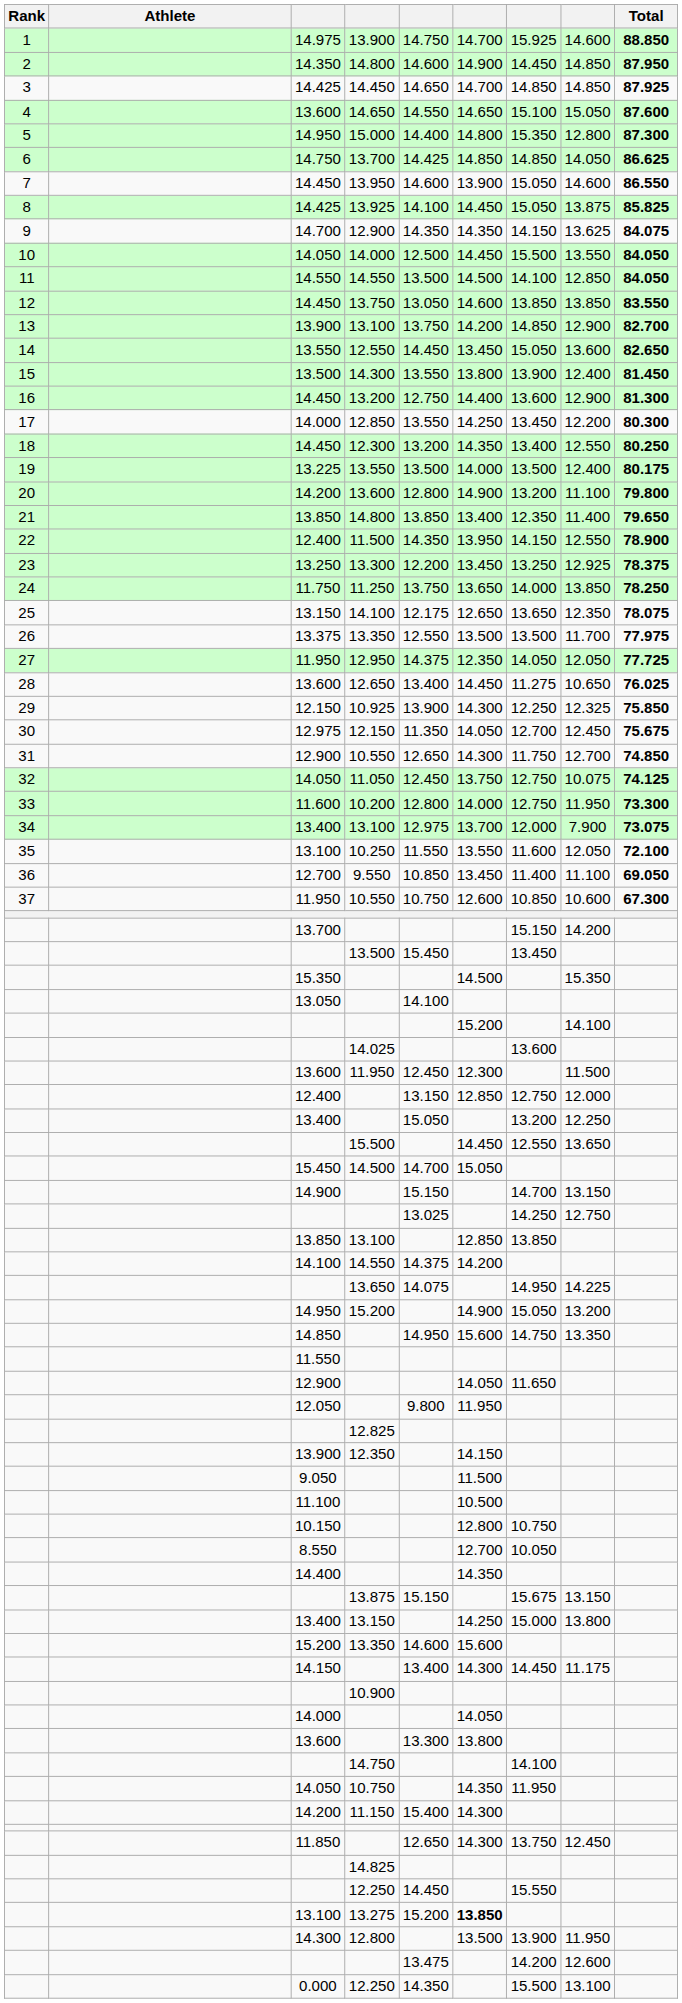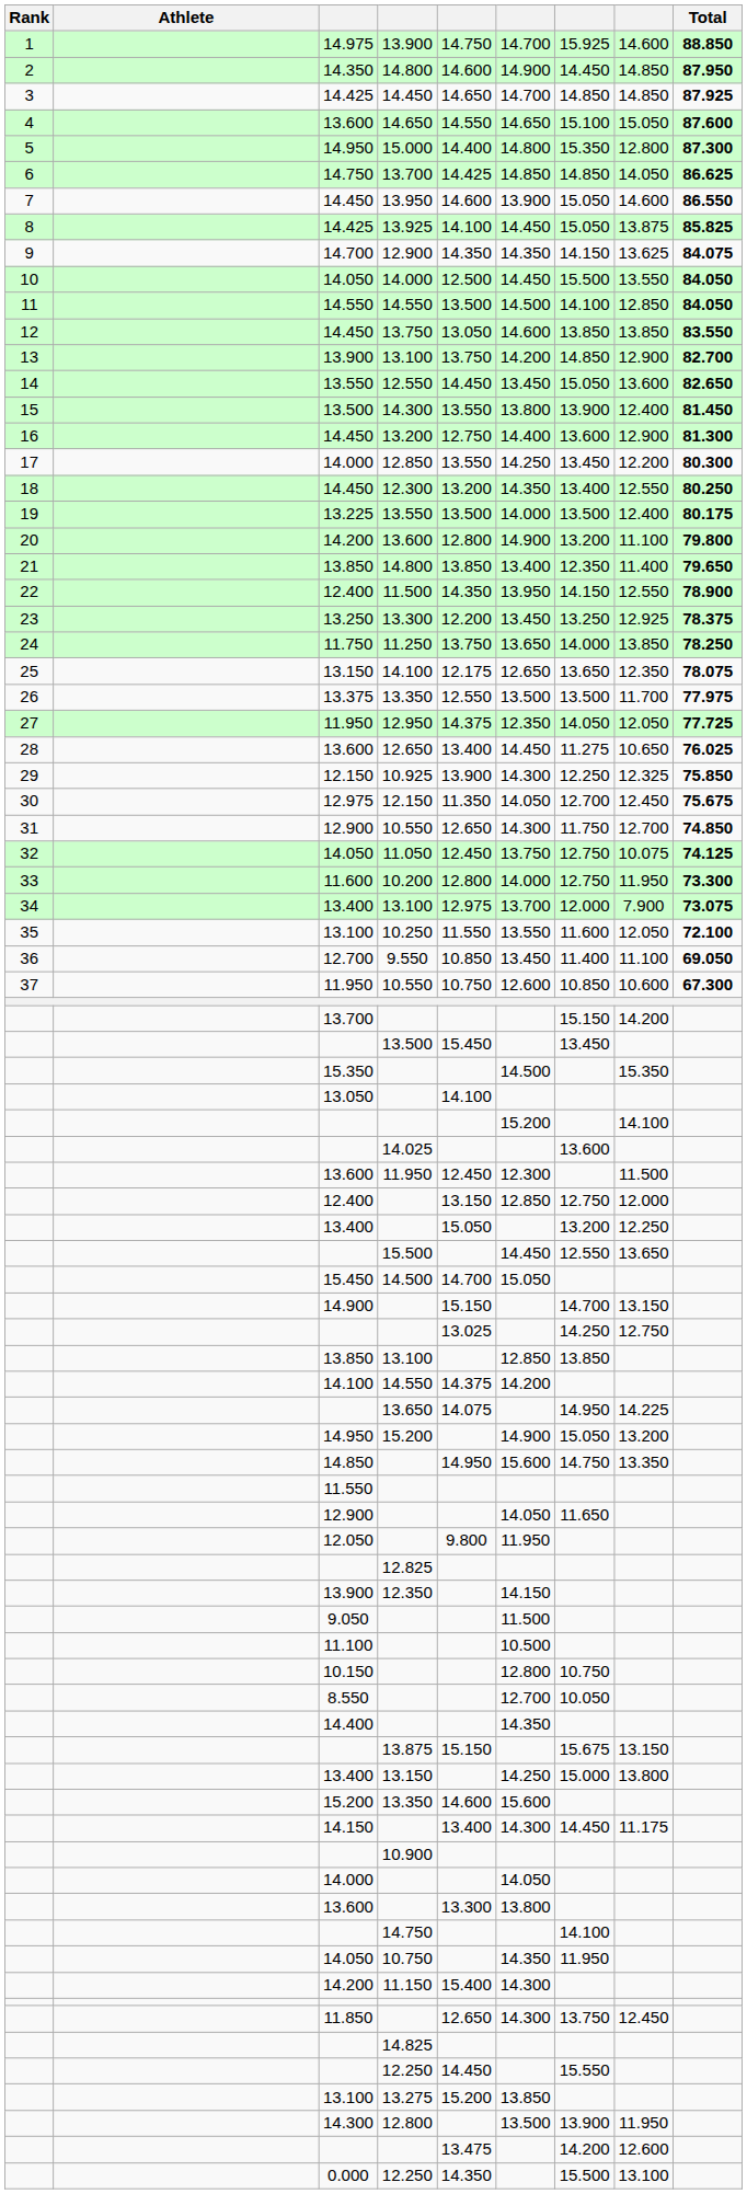 <table class=wikitable style="text-align:center">
 <tr>
 <th width=40>Rank</th>
 <th width=250>Athlete</th>
 <th width=50></th>
 <th width=50></th>
 <th width=50></th>
 <th width=50></th>
 <th width=50></th>
 <th width=50></th>
 <th width=60>Total</th>
 </tr>
 <tr bgcolor="ccffcc">
 <td>1</td>
 <td align=left></td>
 <td>14.975</td>
 <td>13.900</td>
 <td>14.750</td>
 <td>14.700</td>
 <td>15.925</td>
 <td>14.600</td>
 <td><strong>88.850</strong></td>
 </tr>
 <tr bgcolor="ccffcc">
 <td>2</td>
 <td align=left></td>
 <td>14.350</td>
 <td>14.800</td>
 <td>14.600</td>
 <td>14.900</td>
 <td>14.450</td>
 <td>14.850</td>
 <td><strong>87.950</strong></td>
 </tr>
 <tr>
 <td>3</td>
 <td align=left></td>
 <td>14.425</td>
 <td>14.450</td>
 <td>14.650</td>
 <td>14.700</td>
 <td>14.850</td>
 <td>14.850</td>
 <td><strong>87.925</strong></td>
 </tr>
 <tr bgcolor="ccffcc">
 <td>4</td>
 <td align=left></td>
 <td>13.600</td>
 <td>14.650</td>
 <td>14.550</td>
 <td>14.650</td>
 <td>15.100</td>
 <td>15.050</td>
 <td><strong>87.600</strong></td>
 </tr>
 <tr bgcolor="ccffcc">
 <td>5</td>
 <td align=left></td>
 <td>14.950</td>
 <td>15.000</td>
 <td>14.400</td>
 <td>14.800</td>
 <td>15.350</td>
 <td>12.800</td>
 <td><strong>87.300</strong></td>
 </tr>
 <tr bgcolor="ccffcc">
 <td>6 </td>
 <td align=left></td>
 <td>14.750</td>
 <td>13.700</td>
 <td>14.425</td>
 <td>14.850</td>
 <td>14.850</td>
 <td>14.050</td>
 <td><strong>86.625</strong></td>
 </tr>
 <tr>
 <td>7 </td>
 <td align=left></td>
 <td>14.450</td>
 <td>13.950</td>
 <td>14.600</td>
 <td>13.900</td>
 <td>15.050</td>
 <td>14.600</td>
 <td><strong>86.550</strong></td>
 </tr>
 <tr bgcolor="ccffcc">
 <td>8</td>
 <td align=left></td>
 <td>14.425</td>
 <td>13.925</td>
 <td>14.100</td>
 <td>14.450</td>
 <td>15.050</td>
 <td>13.875</td>
 <td><strong>85.825</strong></td>
 </tr>
 <tr>
 <td>9</td>
 <td align=left></td>
 <td>14.700</td>
 <td>12.900</td>
 <td>14.350</td>
 <td>14.350</td>
 <td>14.150</td>
 <td>13.625</td>
 <td><strong>84.075</strong></td>
 </tr>
 <tr bgcolor="ccffcc">
 <td>10 </td>
 <td align=left></td>
 <td>14.050</td>
 <td>14.000</td>
 <td>12.500</td>
 <td>14.450</td>
 <td>15.500</td>
 <td>13.550</td>
 <td><strong>84.050</strong></td>
 </tr>
 <tr bgcolor="ccffcc">
 <td>11</td>
 <td align=left></td>
 <td>14.550</td>
 <td>14.550</td>
 <td>13.500</td>
 <td>14.500</td>
 <td>14.100</td>
 <td>12.850</td>
 <td><strong>84.050</strong></td>
 </tr>
 <tr bgcolor="ccffcc">
 <td>12</td>
 <td align=left></td>
 <td>14.450</td>
 <td>13.750</td>
 <td>13.050</td>
 <td>14.600</td>
 <td>13.850</td>
 <td>13.850</td>
 <td><strong>83.550</strong></td>
 </tr>
 <tr bgcolor="ccffcc">
 <td>13</td>
 <td align=left></td>
 <td>13.900</td>
 <td>13.100</td>
 <td>13.750</td>
 <td>14.200</td>
 <td>14.850</td>
 <td>12.900</td>
 <td><strong>82.700</strong></td>
 </tr>
 <tr bgcolor="ccffcc">
 <td>14</td>
 <td align=left></td>
 <td>13.550</td>
 <td>12.550</td>
 <td>14.450</td>
 <td>13.450</td>
 <td>15.050</td>
 <td>13.600</td>
 <td><strong>82.650</strong></td>
 </tr>
 <tr bgcolor="ccffcc">
 <td>15</td>
 <td align=left></td>
 <td>13.500</td>
 <td>14.300</td>
 <td>13.550</td>
 <td>13.800</td>
 <td>13.900</td>
 <td>12.400</td>
 <td><strong>81.450</strong></td>
 </tr>
 <tr bgcolor="ccffcc">
 <td>16</td>
 <td align=left></td>
 <td>14.450</td>
 <td>13.200</td>
 <td>12.750</td>
 <td>14.400</td>
 <td>13.600</td>
 <td>12.900</td>
 <td><strong>81.300</strong></td>
 </tr>
 <tr>
 <td>17</td>
 <td align=left></td>
 <td>14.000</td>
 <td>12.850</td>
 <td>13.550</td>
 <td>14.250</td>
 <td>13.450</td>
 <td>12.200</td>
 <td><strong>80.300</strong></td>
 </tr>
 <tr bgcolor="ccffcc">
 <td>18</td>
 <td align=left></td>
 <td>14.450</td>
 <td>12.300</td>
 <td>13.200</td>
 <td>14.350</td>
 <td>13.400</td>
 <td>12.550</td>
 <td><strong>80.250</strong></td>
 </tr>
 <tr bgcolor="ccffcc">
 <td>19</td>
 <td align=left></td>
 <td>13.225</td>
 <td>13.550</td>
 <td>13.500</td>
 <td>14.000</td>
 <td>13.500</td>
 <td>12.400</td>
 <td><strong>80.175</strong></td>
 </tr>
 <tr bgcolor="ccffcc">
 <td>20</td>
 <td align=left></td>
 <td>14.200</td>
 <td>13.600</td>
 <td>12.800</td>
 <td>14.900</td>
 <td>13.200</td>
 <td>11.100</td>
 <td><strong>79.800</strong></td>
 </tr>
 <tr bgcolor="ccffcc">
 <td>21</td>
 <td align=left></td>
 <td>13.850</td>
 <td>14.800</td>
 <td>13.850</td>
 <td>13.400</td>
 <td>12.350</td>
 <td>11.400</td>
 <td><strong>79.650</strong></td>
 </tr>
 <tr bgcolor="ccffcc">
 <td>22 </td>
 <td align=left></td>
 <td>12.400</td>
 <td>11.500</td>
 <td>14.350</td>
 <td>13.950</td>
 <td>14.150</td>
 <td>12.550</td>
 <td><strong>78.900</strong></td>
 </tr>
 <tr bgcolor="ccffcc">
 <td>23</td>
 <td align=left></td>
 <td>13.250</td>
 <td>13.300</td>
 <td>12.200</td>
 <td>13.450</td>
 <td>13.250</td>
 <td>12.925</td>
 <td><strong>78.375</strong></td>
 </tr>
 <tr bgcolor="ccffcc">
 <td>24</td>
 <td align=left></td>
 <td>11.750</td>
 <td>11.250</td>
 <td>13.750</td>
 <td>13.650</td>
 <td>14.000</td>
 <td>13.850</td>
 <td><strong>78.250</strong></td>
 </tr>
 <tr>
 <td>25</td>
 <td align=left></td>
 <td>13.150</td>
 <td>14.100</td>
 <td>12.175</td>
 <td>12.650</td>
 <td>13.650</td>
 <td>12.350</td>
 <td><strong>78.075</strong></td>
 </tr>
 <tr>
 <td>26</td>
 <td align=left></td>
 <td>13.375</td>
 <td>13.350</td>
 <td>12.550</td>
 <td>13.500</td>
 <td>13.500</td>
 <td>11.700</td>
 <td><strong>77.975</strong></td>
 </tr>
 <tr bgcolor="ccffcc">
 <td>27</td>
 <td align=left></td>
 <td>11.950</td>
 <td>12.950</td>
 <td>14.375</td>
 <td>12.350</td>
 <td>14.050</td>
 <td>12.050</td>
 <td><strong>77.725</strong></td>
 </tr>
 <tr>
 <td>28</td>
 <td align=left></td>
 <td>13.600</td>
 <td>12.650</td>
 <td>13.400</td>
 <td>14.450</td>
 <td>11.275</td>
 <td>10.650</td>
 <td><strong>76.025</strong></td>
 </tr>
 <tr>
 <td>29</td>
 <td align=left></td>
 <td>12.150</td>
 <td>10.925</td>
 <td>13.900</td>
 <td>14.300</td>
 <td>12.250</td>
 <td>12.325</td>
 <td><strong>75.850</strong></td>
 </tr>
 <tr>
 <td>30 </td>
 <td align=left></td>
 <td>12.975</td>
 <td>12.150</td>
 <td>11.350</td>
 <td>14.050</td>
 <td>12.700</td>
 <td>12.450</td>
 <td><strong>75.675</strong></td>
 </tr>
 <tr>
 <td>31</td>
 <td align=left></td>
 <td>12.900</td>
 <td>10.550</td>
 <td>12.650</td>
 <td>14.300</td>
 <td>11.750</td>
 <td>12.700</td>
 <td><strong>74.850</strong></td>
 </tr>
 <tr bgcolor="ccffcc">
 <td>32</td>
 <td align=left></td>
 <td>14.050</td>
 <td>11.050</td>
 <td>12.450</td>
 <td>13.750</td>
 <td>12.750</td>
 <td>10.075</td>
 <td><strong>74.125</strong></td>
 </tr>
 <tr bgcolor="ccffcc">
 <td>33</td>
 <td align=left></td>
 <td>11.600</td>
 <td>10.200</td>
 <td>12.800</td>
 <td>14.000</td>
 <td>12.750</td>
 <td>11.950</td>
 <td><strong>73.300</strong></td>
 </tr>
 <tr bgcolor="ccffcc">
 <td>34</td>
 <td align=left></td>
 <td>13.400</td>
 <td>13.100</td>
 <td>12.975</td>
 <td>13.700</td>
 <td>12.000</td>
 <td>7.900</td>
 <td><strong>73.075</strong></td>
 </tr>
 <tr>
 <td>35 </td>
 <td align=left></td>
 <td>13.100</td>
 <td>10.250</td>
 <td>11.550</td>
 <td>13.550</td>
 <td>11.600</td>
 <td>12.050</td>
 <td><strong>72.100</strong></td>
 </tr>
 <tr>
 <td>36</td>
 <td align=left></td>
 <td>12.700</td>
 <td>9.550</td>
 <td>10.850</td>
 <td>13.450</td>
 <td>11.400</td>
 <td>11.100</td>
 <td><strong>69.050</strong></td>
 </tr>
 <tr>
 <td>37</td>
 <td align=left></td>
 <td>11.950</td>
 <td>10.550</td>
 <td>10.750</td>
 <td>12.600</td>
 <td>10.850</td>
 <td>10.600</td>
 <td><strong>67.300</strong></td>
 </tr>
 <tr>
 <th colspan=9></th>
 </tr>
 <tr>
 <td></td>
 <td align=left></td>
 <td>13.700</td>
 <td></td>
 <td></td>
 <td></td>
 <td>15.150</td>
 <td>14.200</td>
 <td></td>
 </tr>
 <tr>
 <td></td>
 <td align=left></td>
 <td></td>
 <td>13.500</td>
 <td>15.450</td>
 <td></td>
 <td>13.450</td>
 <td></td>
 <td></td>
 </tr>
 <tr>
 <td></td>
 <td align=left></td>
 <td>15.350</td>
 <td></td>
 <td></td>
 <td>14.500</td>
 <td></td>
 <td>15.350</td>
 <td></td>
 </tr>
 <tr>
 <td></td>
 <td align=left></td>
 <td>13.050</td>
 <td></td>
 <td>14.100</td>
 <td></td>
 <td></td>
 <td></td>
 <td></td>
 </tr>
 <tr>
 <td></td>
 <td align=left></td>
 <td></td>
 <td></td>
 <td></td>
 <td>15.200</td>
 <td></td>
 <td>14.100</td>
 <td></td>
 </tr>
 <tr>
 <td></td>
 <td align=left></td>
 <td></td>
 <td>14.025</td>
 <td></td>
 <td></td>
 <td>13.600</td>
 <td></td>
 <td></td>
 </tr>
 <tr>
 <td></td>
 <td align=left></td>
 <td>13.600</td>
 <td>11.950</td>
 <td>12.450</td>
 <td>12.300</td>
 <td></td>
 <td>11.500</td>
 <td></td>
 </tr>
 <tr>
 <td></td>
 <td align=left></td>
 <td>12.400</td>
 <td></td>
 <td>13.150</td>
 <td>12.850</td>
 <td>12.750</td>
 <td>12.000</td>
 <td></td>
 </tr>
 <tr>
 <td></td>
 <td align=left></td>
 <td>13.400</td>
 <td></td>
 <td>15.050</td>
 <td></td>
 <td>13.200</td>
 <td>12.250</td>
 <td></td>
 </tr>
 <tr>
 <td></td>
 <td align=left></td>
 <td></td>
 <td>15.500</td>
 <td></td>
 <td>14.450</td>
 <td>12.550</td>
 <td>13.650</td>
 <td></td>
 </tr>
 <tr>
 <td></td>
 <td align=left></td>
 <td>15.450</td>
 <td>14.500</td>
 <td>14.700</td>
 <td>15.050</td>
 <td></td>
 <td></td>
 <td></td>
 </tr>
 <tr>
 <td></td>
 <td align=left></td>
 <td>14.900</td>
 <td></td>
 <td>15.150</td>
 <td></td>
 <td>14.700</td>
 <td>13.150</td>
 <td></td>
 </tr>
 <tr>
 <td></td>
 <td align=left></td>
 <td></td>
 <td></td>
 <td>13.025</td>
 <td></td>
 <td>14.250</td>
 <td>12.750</td>
 <td></td>
 </tr>
 <tr>
 <td></td>
 <td align=left></td>
 <td>13.850</td>
 <td>13.100</td>
 <td></td>
 <td>12.850</td>
 <td>13.850</td>
 <td></td>
 <td></td>
 </tr>
 <tr>
 <td></td>
 <td align=left></td>
 <td>14.100</td>
 <td>14.550</td>
 <td>14.375</td>
 <td>14.200</td>
 <td></td>
 <td></td>
 <td></td>
 </tr>
 <tr>
 <td></td>
 <td align=left></td>
 <td></td>
 <td>13.650</td>
 <td>14.075</td>
 <td></td>
 <td>14.950</td>
 <td>14.225</td>
 <td></td>
 </tr>
 <tr>
 <td></td>
 <td align=left></td>
 <td>14.950</td>
 <td>15.200</td>
 <td></td>
 <td>14.900</td>
 <td>15.050</td>
 <td>13.200</td>
 <td></td>
 </tr>
 <tr>
 <td></td>
 <td align=left></td>
 <td>14.850</td>
 <td></td>
 <td>14.950</td>
 <td>15.600</td>
 <td>14.750</td>
 <td>13.350</td>
 <td></td>
 </tr>
 <tr>
 <td></td>
 <td align=left></td>
 <td>11.550</td>
 <td></td>
 <td></td>
 <td></td>
 <td></td>
 <td></td>
 <td></td>
 </tr>
 <tr>
 <td></td>
 <td align=left></td>
 <td>12.900</td>
 <td></td>
 <td></td>
 <td>14.050</td>
 <td>11.650</td>
 <td></td>
 <td></td>
 </tr>
 <tr>
 <td></td>
 <td align=left></td>
 <td>12.050</td>
 <td></td>
 <td>9.800</td>
 <td>11.950</td>
 <td></td>
 <td></td>
 <td></td>
 </tr>
 <tr>
 <td></td>
 <td align=left></td>
 <td></td>
 <td>12.825</td>
 <td></td>
 <td></td>
 <td></td>
 <td></td>
 <td></td>
 </tr>
 <tr>
 <td></td>
 <td align=left></td>
 <td>13.900</td>
 <td>12.350</td>
 <td></td>
 <td>14.150</td>
 <td></td>
 <td></td>
 <td></td>
 </tr>
 <tr>
 <td></td>
 <td align=left></td>
 <td>9.050</td>
 <td></td>
 <td></td>
 <td>11.500</td>
 <td></td>
 <td></td>
 <td></td>
 </tr>
 <tr>
 <td></td>
 <td align=left></td>
 <td>11.100</td>
 <td></td>
 <td></td>
 <td>10.500</td>
 <td></td>
 <td></td>
 <td></td>
 </tr>
 <tr>
 <td></td>
 <td align=left></td>
 <td>10.150</td>
 <td></td>
 <td></td>
 <td>12.800</td>
 <td>10.750</td>
 <td></td>
 <td></td>
 </tr>
 <tr>
 <td></td>
 <td align=left></td>
 <td>8.550</td>
 <td></td>
 <td></td>
 <td>12.700</td>
 <td>10.050</td>
 <td></td>
 <td></td>
 </tr>
 <tr>
 <td></td>
 <td align=left></td>
 <td>14.400</td>
 <td></td>
 <td></td>
 <td>14.350</td>
 <td></td>
 <td></td>
 <td></td>
 </tr>
 <tr>
 <td></td>
 <td align=left></td>
 <td></td>
 <td>13.875</td>
 <td>15.150</td>
 <td></td>
 <td>15.675</td>
 <td>13.150</td>
 <td></td>
 </tr>
 <tr>
 <td></td>
 <td align=left></td>
 <td>13.400</td>
 <td>13.150</td>
 <td></td>
 <td>14.250</td>
 <td>15.000</td>
 <td>13.800</td>
 <td></td>
 </tr>
 <tr>
 <td></td>
 <td align=left></td>
 <td>15.200</td>
 <td>13.350</td>
 <td>14.600</td>
 <td>15.600</td>
 <td></td>
 <td></td>
 <td></td>
 </tr>
 <tr>
 <td></td>
 <td align=left></td>
 <td>14.150</td>
 <td></td>
 <td>13.400</td>
 <td>14.300</td>
 <td>14.450</td>
 <td>11.175</td>
 <td></td>
 </tr>
 <tr>
 <td></td>
 <td align=left></td>
 <td></td>
 <td>10.900</td>
 <td></td>
 <td></td>
 <td></td>
 <td></td>
 <td></td>
 </tr>
 <tr>
 <td></td>
 <td align=left></td>
 <td>14.000</td>
 <td></td>
 <td></td>
 <td>14.050</td>
 <td></td>
 <td></td>
 <td></td>
 </tr>
 <tr>
 <td></td>
 <td align=left></td>
 <td>13.600</td>
 <td></td>
 <td>13.300</td>
 <td>13.800</td>
 <td></td>
 <td></td>
 <td></td>
 </tr>
 <tr>
 <td></td>
 <td align=left></td>
 <td></td>
 <td>14.750</td>
 <td></td>
 <td></td>
 <td>14.100</td>
 <td></td>
 <td></td>
 </tr>
 <tr>
 <td></td>
 <td align=left></td>
 <td>14.050</td>
 <td>10.750</td>
 <td></td>
 <td>14.350</td>
 <td>11.950</td>
 <td></td>
 <td></td>
 </tr>
 <tr>
 <td></td>
 <td align=left></td>
 <td>14.200</td>
 <td>11.150</td>
 <td>15.400</td>
 <td>14.300</td>
 <td></td>
 <td></td>
 <td></td>
 </tr>
 <tr>
 <td></td>
 <td align=left></td>
 <td></td>
 <td></td>
 <td></td>
 <td></td>
 <td></td>
 <td></td>
 <td></td>
 </tr>
 <tr>
 <td></td>
 <td align=left></td>
 <td>11.850</td>
 <td></td>
 <td>12.650</td>
 <td>14.300</td>
 <td>13.750</td>
 <td>12.450</td>
 <td></td>
 </tr>
 <tr>
 <td></td>
 <td align=left></td>
 <td></td>
 <td>14.825</td>
 <td></td>
 <td></td>
 <td></td>
 <td></td>
 <td></td>
 </tr>
 <tr>
 <td></td>
 <td align=left></td>
 <td></td>
 <td>12.250</td>
 <td>14.450</td>
 <td></td>
 <td>15.550</td>
 <td></td>
 <td></td>
 </tr>
 <tr>
 <td></td>
 <td align=left></td>
 <td>13.100</td>
 <td>13.275</td>
 <td>15.200</td>
-<td><strong>13.850</strong></td>
+<td>13.850</td>
 <td></td>
 <td></td>
 <td></td>
 </tr>
 <tr>
 <td></td>
 <td align=left></td>
 <td>14.300</td>
 <td>12.800</td>
 <td></td>
 <td>13.500</td>
 <td>13.900</td>
 <td>11.950</td>
 <td></td>
 </tr>
 <tr>
 <td></td>
 <td align=left></td>
 <td></td>
 <td></td>
 <td>13.475</td>
 <td></td>
 <td>14.200</td>
 <td>12.600</td>
 <td></td>
 </tr>
 <tr>
 <td></td>
 <td align=left></td>
 <td>0.000</td>
 <td>12.250</td>
 <td>14.350</td>
 <td></td>
 <td>15.500</td>
 <td>13.100</td>
 <td></td>
 </tr>
 </table>
